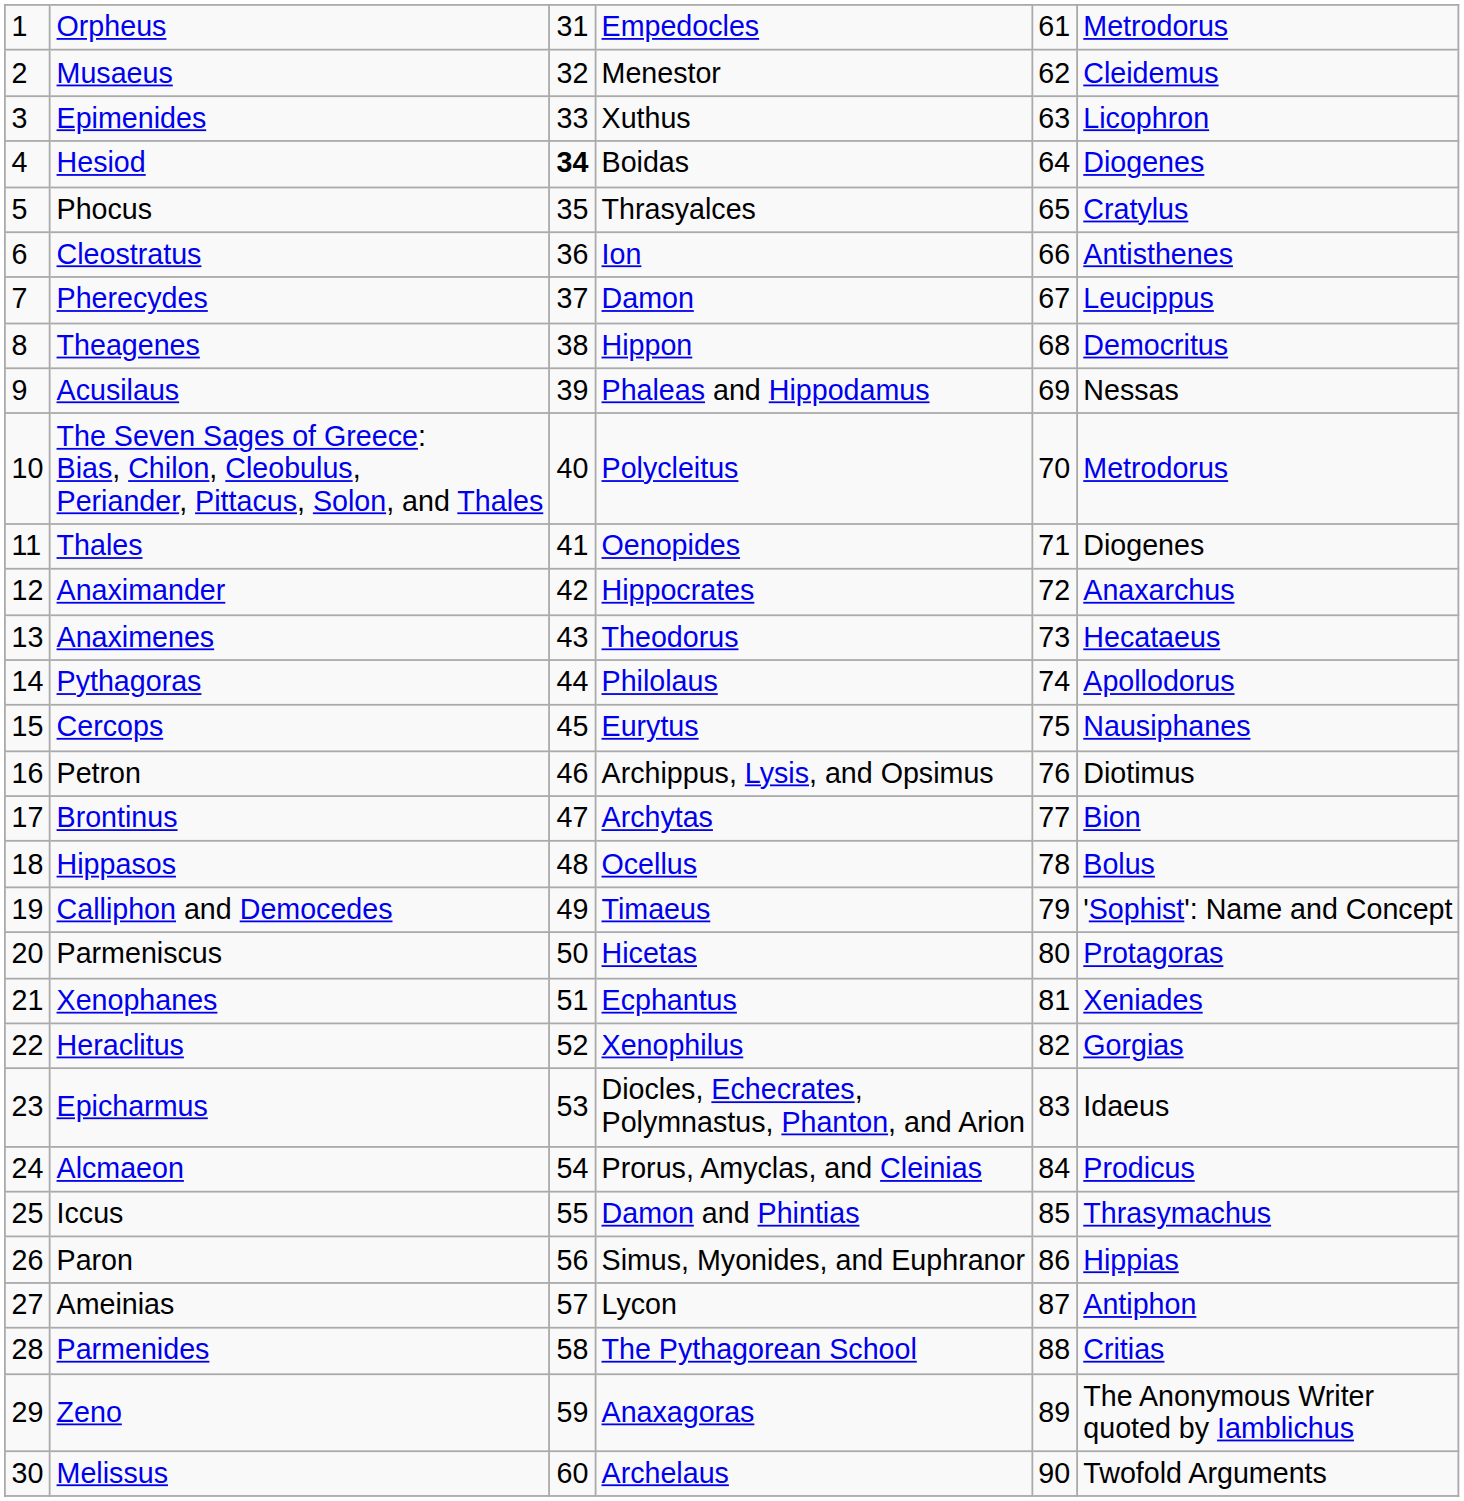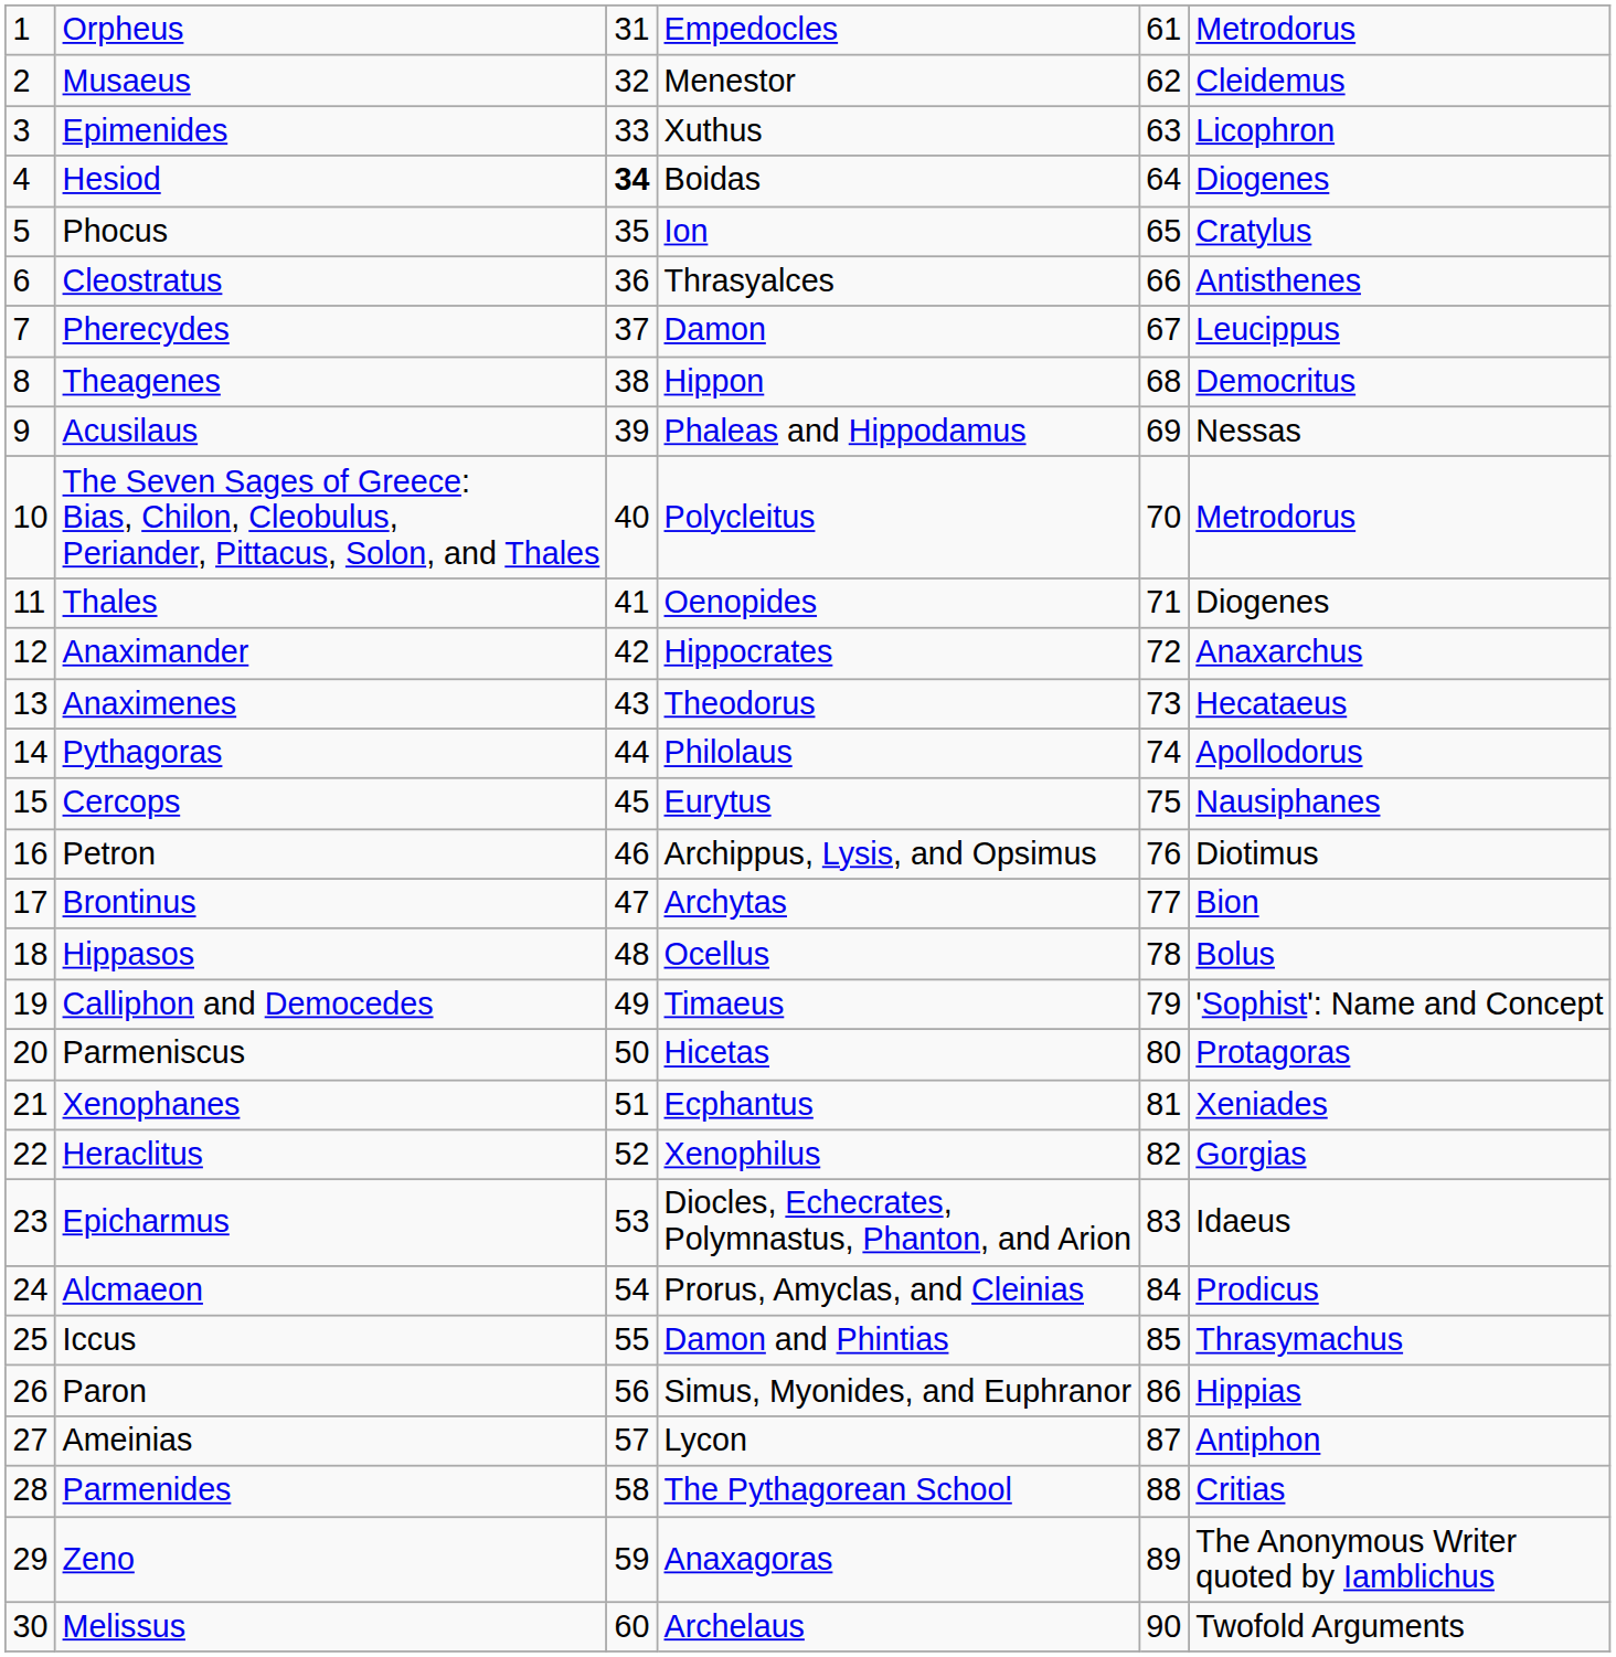 <table class="wikitable">
 <tr>
 <td>1</td>
 <td><a href='#'>Orpheus</a></td>
 <td>31</td>
 <td><a href='#'>Empedocles</a></td>
 <td>61</td>
 <td><a href='#'>Metrodorus</a></td>
 </tr>
 <tr>
 <td>2</td>
 <td><a href='#'>Musaeus</a></td>
 <td>32</td>
 <td>Menestor</td>
 <td>62</td>
 <td><a href='#'>Cleidemus</a></td>
 </tr>
 <tr>
 <td>3</td>
 <td><a href='#'>Epimenides</a></td>
 <td>33</td>
 <td>Xuthus</td>
 <td>63</td>
 <td><a href='#'>Licophron</a></td>
 </tr>
 <tr>
 <td>4</td>
 <td><a href='#'>Hesiod</a></td>
 <td><strong>34</strong></td>
 <td>Boidas</td>
 <td>64</td>
 <td><a href='#'>Diogenes</a></td>
 </tr>
 <tr>
 <td>5</td>
 <td>Phocus</td>
 <td>35</td>
-<td>Thrasyalces</td>
+<td><a href='#'>Ion</a></td>
 <td>65</td>
 <td><a href='#'>Cratylus</a></td>
 </tr>
 <tr>
 <td>6</td>
 <td><a href='#'>Cleostratus</a></td>
 <td>36</td>
-<td><a href='#'>Ion</a></td>
+<td>Thrasyalces</td>
 <td>66</td>
 <td><a href='#'>Antisthenes</a></td>
 </tr>
 <tr>
 <td>7</td>
 <td><a href='#'>Pherecydes</a></td>
 <td>37</td>
 <td><a href='#'>Damon</a></td>
 <td>67</td>
 <td><a href='#'>Leucippus</a></td>
 </tr>
 <tr>
 <td>8</td>
 <td><a href='#'>Theagenes</a></td>
 <td>38</td>
 <td><a href='#'>Hippon</a></td>
 <td>68</td>
 <td><a href='#'>Democritus</a></td>
 </tr>
 <tr>
 <td>9</td>
 <td><a href='#'>Acusilaus</a></td>
 <td>39</td>
 <td><a href='#'>Phaleas</a> and <a href='#'>Hippodamus</a></td>
 <td>69</td>
 <td>Nessas</td>
 </tr>
 <tr>
 <td>10</td>
 <td><a href='#'>The Seven Sages of Greece</a>:<br><a href='#'>Bias</a>, <a href='#'>Chilon</a>, <a href='#'>Cleobulus</a>,<br><a href='#'>Periander</a>, <a href='#'>Pittacus</a>, <a href='#'>Solon</a>, and <a href='#'>Thales</a></td>
 <td>40</td>
 <td><a href='#'>Polycleitus</a></td>
 <td>70</td>
 <td><a href='#'>Metrodorus</a></td>
 </tr>
 <tr>
 <td>11</td>
 <td><a href='#'>Thales</a></td>
 <td>41</td>
 <td><a href='#'>Oenopides</a></td>
 <td>71</td>
 <td>Diogenes</td>
 </tr>
 <tr>
 <td>12</td>
 <td><a href='#'>Anaximander</a></td>
 <td>42</td>
 <td><a href='#'>Hippocrates</a></td>
 <td>72</td>
 <td><a href='#'>Anaxarchus</a></td>
 </tr>
 <tr>
 <td>13</td>
 <td><a href='#'>Anaximenes</a></td>
 <td>43</td>
 <td><a href='#'>Theodorus</a></td>
 <td>73</td>
 <td><a href='#'>Hecataeus</a></td>
 </tr>
 <tr>
 <td>14</td>
 <td><a href='#'>Pythagoras</a></td>
 <td>44</td>
 <td><a href='#'>Philolaus</a></td>
 <td>74</td>
 <td><a href='#'>Apollodorus</a></td>
 </tr>
 <tr>
 <td>15</td>
 <td><a href='#'>Cercops</a></td>
 <td>45</td>
 <td><a href='#'>Eurytus</a></td>
 <td>75</td>
 <td><a href='#'>Nausiphanes</a></td>
 </tr>
 <tr>
 <td>16</td>
 <td>Petron</td>
 <td>46</td>
 <td>Archippus, <a href='#'>Lysis</a>, and Opsimus</td>
 <td>76</td>
 <td>Diotimus</td>
 </tr>
 <tr>
 <td>17</td>
 <td><a href='#'>Brontinus</a></td>
 <td>47</td>
 <td><a href='#'>Archytas</a></td>
 <td>77</td>
 <td><a href='#'>Bion</a></td>
 </tr>
 <tr>
 <td>18</td>
 <td><a href='#'>Hippasos</a></td>
 <td>48</td>
 <td><a href='#'>Ocellus</a></td>
 <td>78</td>
 <td><a href='#'>Bolus</a></td>
 </tr>
 <tr>
 <td>19</td>
 <td><a href='#'>Calliphon</a> and <a href='#'>Democedes</a></td>
 <td>49</td>
 <td><a href='#'>Timaeus</a></td>
 <td>79</td>
 <td>'<a href='#'>Sophist</a>': Name and Concept</td>
 </tr>
 <tr>
 <td>20</td>
 <td>Parmeniscus</td>
 <td>50</td>
 <td><a href='#'>Hicetas</a></td>
 <td>80</td>
 <td><a href='#'>Protagoras</a></td>
 </tr>
 <tr>
 <td>21</td>
 <td><a href='#'>Xenophanes</a></td>
 <td>51</td>
 <td><a href='#'>Ecphantus</a></td>
 <td>81</td>
 <td><a href='#'>Xeniades</a></td>
 </tr>
 <tr>
 <td>22</td>
 <td><a href='#'>Heraclitus</a></td>
 <td>52</td>
 <td><a href='#'>Xenophilus</a></td>
 <td>82</td>
 <td><a href='#'>Gorgias</a></td>
 </tr>
 <tr>
 <td>23</td>
 <td><a href='#'>Epicharmus</a></td>
 <td>53</td>
 <td>Diocles, <a href='#'>Echecrates</a>,<br>Polymnastus, <a href='#'>Phanton</a>, and Arion</td>
 <td>83</td>
 <td>Idaeus</td>
 </tr>
 <tr>
 <td>24</td>
 <td><a href='#'>Alcmaeon</a></td>
 <td>54</td>
 <td>Prorus, Amyclas, and <a href='#'>Cleinias</a></td>
 <td>84</td>
 <td><a href='#'>Prodicus</a></td>
 </tr>
 <tr>
 <td>25</td>
 <td>Iccus</td>
 <td>55</td>
 <td><a href='#'>Damon</a> and <a href='#'>Phintias</a></td>
 <td>85</td>
 <td><a href='#'>Thrasymachus</a></td>
 </tr>
 <tr>
 <td>26</td>
 <td>Paron</td>
 <td>56</td>
 <td>Simus, Myonides, and Euphranor</td>
 <td>86</td>
 <td><a href='#'>Hippias</a></td>
 </tr>
 <tr>
 <td>27</td>
 <td>Ameinias</td>
 <td>57</td>
 <td>Lycon</td>
 <td>87</td>
 <td><a href='#'>Antiphon</a></td>
 </tr>
 <tr>
 <td>28</td>
 <td><a href='#'>Parmenides</a></td>
 <td>58</td>
 <td><a href='#'>The Pythagorean School</a></td>
 <td>88</td>
 <td><a href='#'>Critias</a></td>
 </tr>
 <tr>
 <td>29</td>
 <td><a href='#'>Zeno</a></td>
 <td>59</td>
 <td><a href='#'>Anaxagoras</a></td>
 <td>89</td>
 <td>The Anonymous Writer<br>quoted by <a href='#'>Iamblichus</a></td>
 </tr>
 <tr>
 <td>30</td>
 <td><a href='#'>Melissus</a></td>
 <td>60</td>
 <td><a href='#'>Archelaus</a></td>
 <td>90</td>
 <td>Twofold Arguments</td>
 </tr>
 </table>
